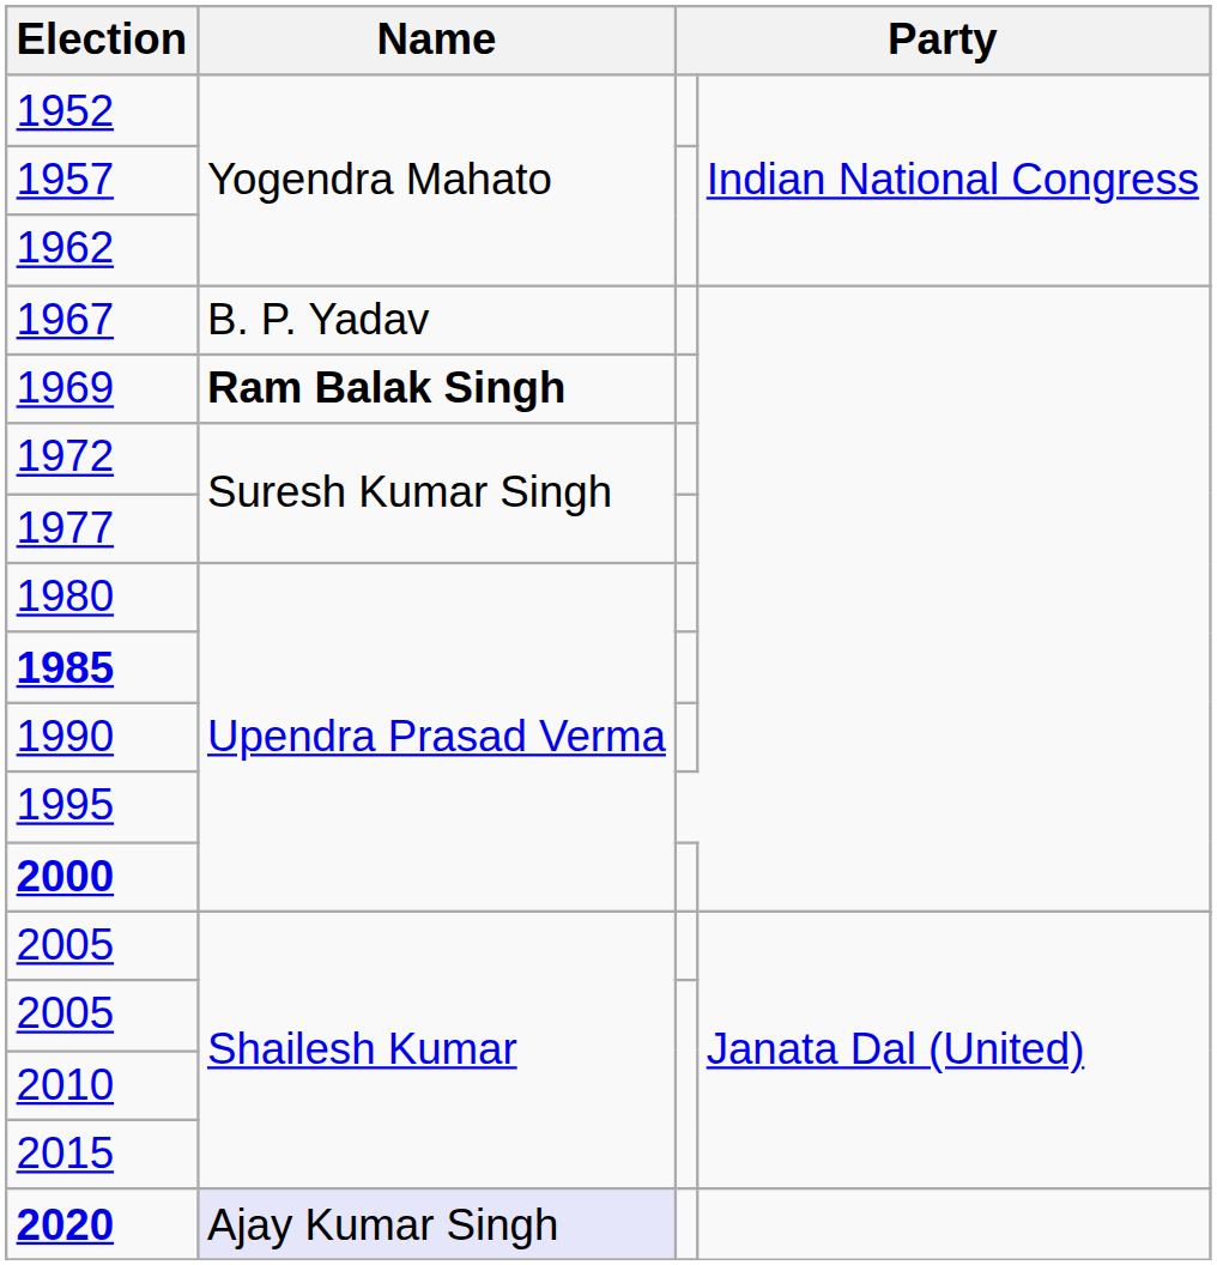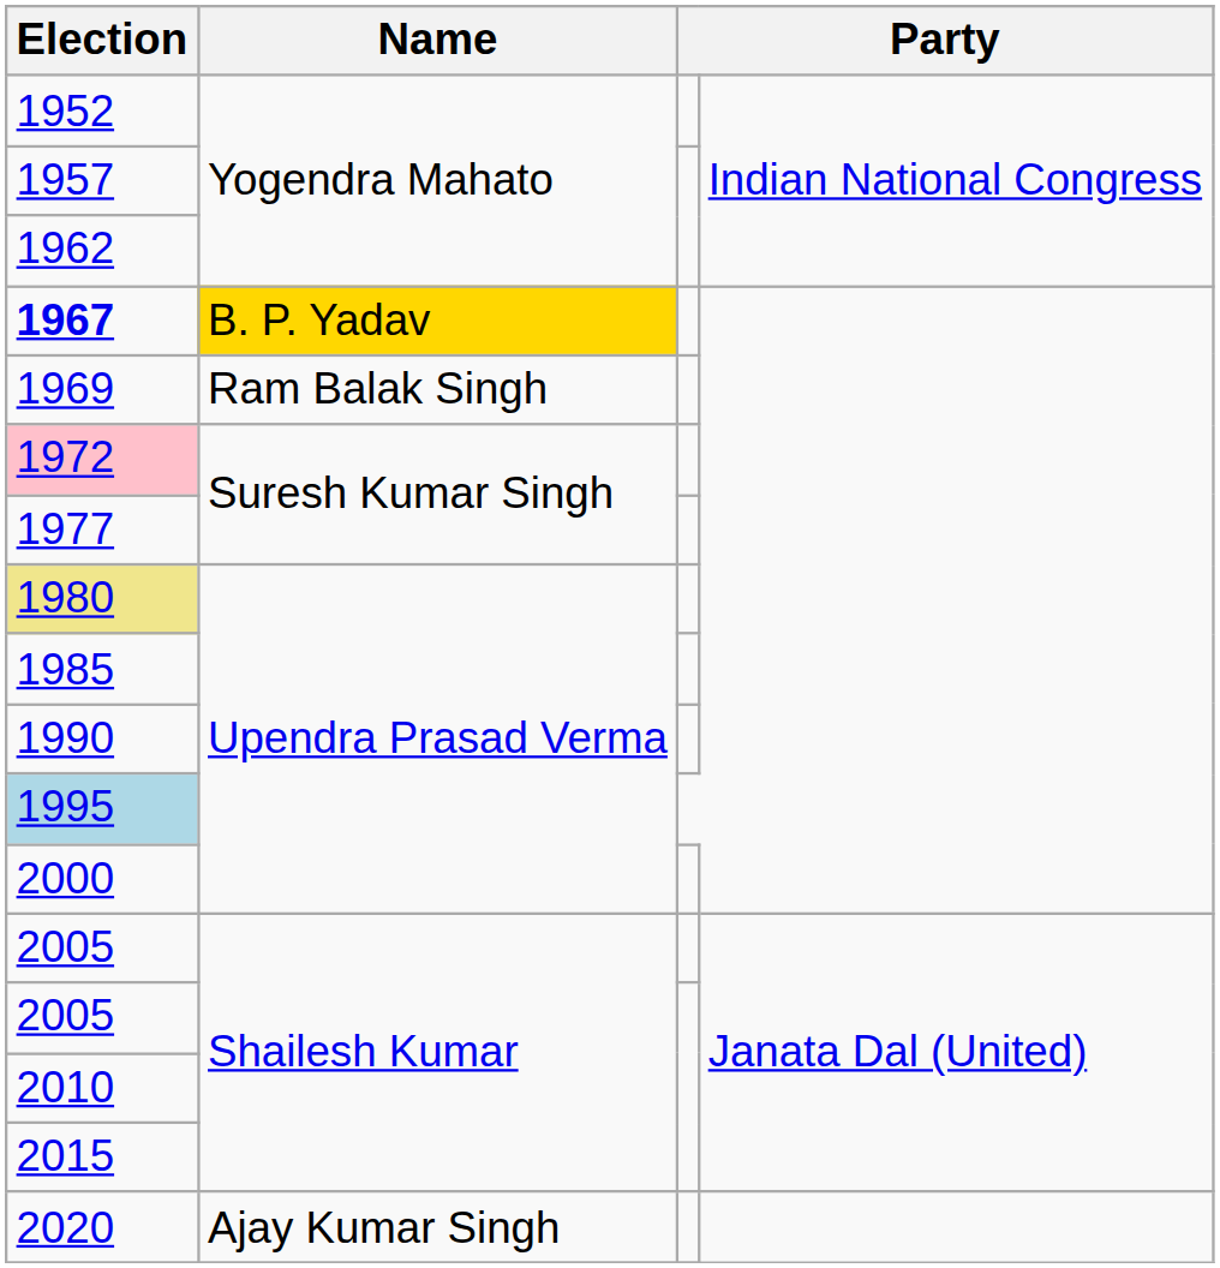 <table class="wikitable sortable">
 <tr>
 <th>Election</th>
 <th>Name</th>
 <th colspan="2">Party</th>
 </tr>
 <tr>
 <td><a href='#'>1952</a></td>
 <td rowspan="3">Yogendra Mahato</td>
 <td style="background-color: "></td>
 <td rowspan="3"><a href='#'>Indian National Congress</a></td>
 </tr>
 <tr>
 <td><a href='#'>1957</a></td>
 </tr>
 <tr>
 <td><a href='#'>1962</a></td>
 </tr>
 <tr>
-<td><a href='#'>1967</a></td>
-<td>B. P. Yadav</td>
+<td><strong><a href='#'>1967</a></strong></td>
+<td style="background: gold;">B. P. Yadav</td>
 <td></td>
 </tr>
 <tr>
 <td><a href='#'>1969</a></td>
-<td><strong>Ram Balak Singh</strong></td>
+<td>Ram Balak Singh</td>
 <td></td>
 </tr>
 <tr>
-<td><a href='#'>1972</a></td>
+<td style="background: pink;"><a href='#'>1972</a></td>
 <td rowspan="2">Suresh Kumar Singh</td>
 <td></td>
 </tr>
 <tr>
 <td><a href='#'>1977</a></td>
 <td></td>
 </tr>
 <tr>
-<td><a href='#'>1980</a></td>
+<td style="background: khaki;"><a href='#'>1980</a></td>
 <td rowspan="5"><a href='#'>Upendra Prasad Verma</a></td>
 <td></td>
 </tr>
 <tr>
-<td><strong><a href='#'>1985</a></strong></td>
+<td><a href='#'>1985</a></td>
 <td></td>
 </tr>
 <tr>
 <td><a href='#'>1990</a></td>
 <td></td>
 </tr>
 <tr>
-<td><a href='#'>1995</a></td>
+<td style="background: lightblue;"><a href='#'>1995</a></td>
 </tr>
 <tr>
-<td><strong><a href='#'>2000</a></strong></td>
+<td><a href='#'>2000</a></td>
 <td></td>
 </tr>
 <tr>
 <td><a href='#'>2005</a></td>
 <td rowspan="4"><a href='#'>Shailesh Kumar</a></td>
 <td style="background-color: "></td>
 <td rowspan="4"><a href='#'>Janata Dal (United)</a></td>
 </tr>
 <tr>
 <td><a href='#'>2005</a></td>
 </tr>
 <tr>
 <td><a href='#'>2010</a></td>
 </tr>
 <tr>
 <td><a href='#'>2015</a></td>
 </tr>
 <tr>
-<td><strong><a href='#'>2020</a></strong></td>
-<td style="background: lavender;">Ajay Kumar Singh</td>
+<td><a href='#'>2020</a></td>
+<td>Ajay Kumar Singh</td>
 <td></td>
 </tr>
 <tr>
 </tr>
 </table>
